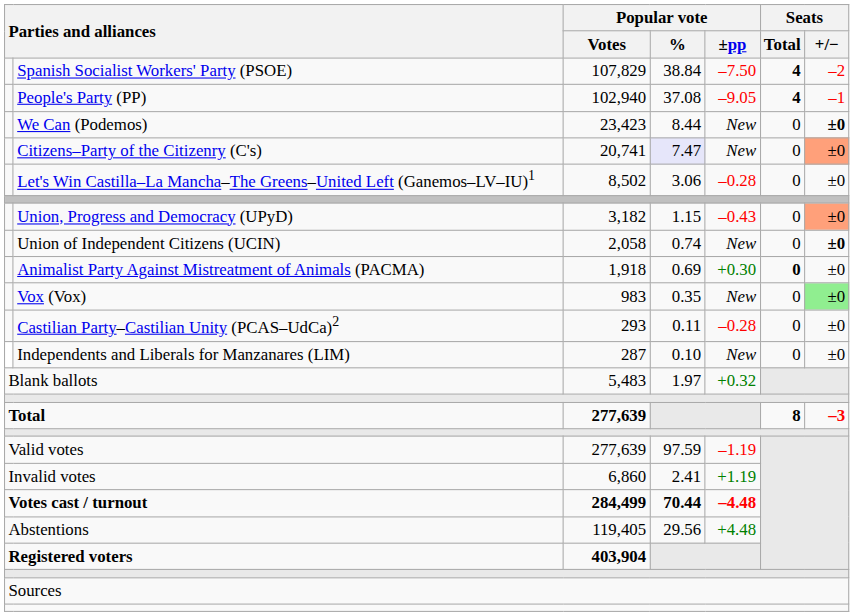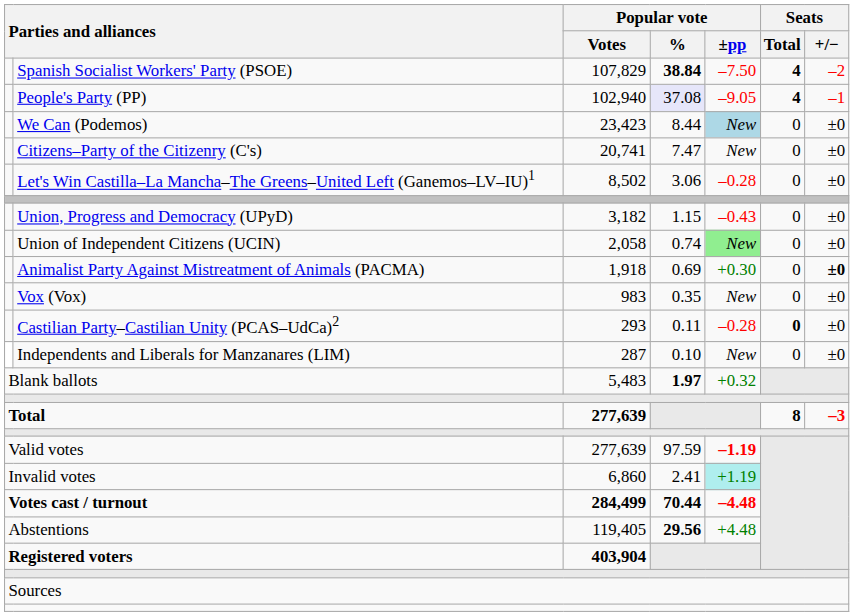 <table class="wikitable" style="text-align:right;">
 <tr>
 <th style="text-align:left;" rowspan="2" colspan="2" width="525">Parties and alliances</th>
 <th colspan="3">Popular vote</th>
 <th colspan="2">Seats</th>
 </tr>
 <tr>
 <th width="75">Votes</th>
 <th width="45">%</th>
 <th width="45">±<a href='#'>pp</a></th>
 <th width="35">Total</th>
 <th width="35">+/−</th>
 </tr>
 <tr>
 <td width="1" style="color:inherit;background:"></td>
 <td align="left"><a href='#'>Spanish Socialist Workers' Party</a> (PSOE)</td>
 <td>107,829</td>
-<td>38.84</td>
+<td><strong>38.84</strong></td>
 <td style="color:red;">–7.50</td>
 <td><strong>4</strong></td>
 <td style="color:red;">–2</td>
 </tr>
 <tr>
 <td style="color:inherit;background:"></td>
 <td align="left"><a href='#'>People's Party</a> (PP)</td>
 <td>102,940</td>
-<td>37.08</td>
+<td style="background: lavender;">37.08</td>
 <td style="color:red;">–9.05</td>
 <td><strong>4</strong></td>
 <td style="color:red;">–1</td>
 </tr>
 <tr>
 <td style="color:inherit;background:"></td>
 <td align="left"><a href='#'>We Can</a> (Podemos)</td>
 <td>23,423</td>
 <td>8.44</td>
-<td><em>New</em></td>
+<td style="background: lightblue;"><em>New</em></td>
 <td>0</td>
-<td><strong>±0</strong></td>
+<td>±0</td>
 </tr>
 <tr>
 <td style="color:inherit;background:"></td>
 <td align="left"><a href='#'>Citizens–Party of the Citizenry</a> (C's)</td>
 <td>20,741</td>
-<td style="background: lavender;">7.47</td>
+<td>7.47</td>
 <td><em>New</em></td>
 <td>0</td>
-<td style="background: lightsalmon;">±0</td>
+<td>±0</td>
 </tr>
 <tr>
 <td style="color:inherit;background:"></td>
 <td align="left"><a href='#'>Let's Win Castilla–La Mancha</a>–<a href='#'>The Greens</a>–<a href='#'>United Left</a> (Ganemos–LV–IU)<sup>1</sup></td>
 <td>8,502</td>
 <td>3.06</td>
 <td style="color:red;">–0.28</td>
 <td>0</td>
 <td>±0</td>
 </tr>
 <tr>
 <td colspan="7" bgcolor="#C0C0C0"></td>
 </tr>
 <tr>
 <td style="color:inherit;background:"></td>
 <td align="left"><a href='#'>Union, Progress and Democracy</a> (UPyD)</td>
 <td>3,182</td>
 <td>1.15</td>
 <td style="color:red;">–0.43</td>
 <td>0</td>
-<td style="background: lightsalmon;">±0</td>
+<td>±0</td>
 </tr>
 <tr>
 <td style="color:inherit;background:"></td>
 <td align="left">Union of Independent Citizens (UCIN)</td>
 <td>2,058</td>
 <td>0.74</td>
-<td><em>New</em></td>
+<td style="background: lightgreen;"><em>New</em></td>
 <td>0</td>
-<td><strong>±0</strong></td>
+<td>±0</td>
 </tr>
 <tr>
 <td style="color:inherit;background:"></td>
 <td align="left"><a href='#'>Animalist Party Against Mistreatment of Animals</a> (PACMA)</td>
 <td>1,918</td>
 <td>0.69</td>
 <td style="color:green;">+0.30</td>
-<td><strong>0</strong></td>
-<td>±0</td>
+<td>0</td>
+<td><strong>±0</strong></td>
 </tr>
 <tr>
 <td style="color:inherit;background:"></td>
 <td align="left"><a href='#'>Vox</a> (Vox)</td>
 <td>983</td>
 <td>0.35</td>
 <td><em>New</em></td>
 <td>0</td>
-<td style="background: lightgreen;">±0</td>
+<td>±0</td>
 </tr>
 <tr>
 <td style="color:inherit;background:"></td>
 <td align="left"><a href='#'>Castilian Party</a>–<a href='#'>Castilian Unity</a> (PCAS–UdCa)<sup>2</sup></td>
 <td>293</td>
 <td>0.11</td>
 <td style="color:red;">–0.28</td>
-<td>0</td>
+<td><strong>0</strong></td>
 <td>±0</td>
 </tr>
 <tr>
 <td bgcolor="white"></td>
 <td align="left">Independents and Liberals for Manzanares (LIM)</td>
 <td>287</td>
 <td>0.10</td>
 <td><em>New</em></td>
 <td>0</td>
 <td>±0</td>
 </tr>
 <tr>
 <td align="left" colspan="2">Blank ballots</td>
 <td>5,483</td>
-<td>1.97</td>
+<td><strong>1.97</strong></td>
 <td style="color:green;">+0.32</td>
 <td bgcolor="#E9E9E9" colspan="2"></td>
 </tr>
 <tr>
 <td colspan="7" bgcolor="#E9E9E9"></td>
 </tr>
 <tr style="font-weight:bold;">
 <td align="left" colspan="2">Total</td>
 <td>277,639</td>
 <td bgcolor="#E9E9E9" colspan="2"></td>
 <td>8</td>
 <td style="color:red;">–3</td>
 </tr>
 <tr>
 <td colspan="7" bgcolor="#E9E9E9"></td>
 </tr>
 <tr>
 <td align="left" colspan="2">Valid votes</td>
 <td>277,639</td>
 <td>97.59</td>
-<td style="color:red;">–1.19</td>
+<td style="color:red;"><strong>–1.19</strong></td>
 <td bgcolor="#E9E9E9" colspan="2" rowspan="5"></td>
 </tr>
 <tr>
 <td align="left" colspan="2">Invalid votes</td>
 <td>6,860</td>
 <td>2.41</td>
-<td style="color:green;">+1.19</td>
+<td style="background: paleturquoise; color:green;">+1.19</td>
 </tr>
 <tr style="font-weight:bold;">
 <td align="left" colspan="2">Votes cast / turnout</td>
 <td>284,499</td>
 <td>70.44</td>
 <td style="color:red;">–4.48</td>
 </tr>
 <tr>
 <td align="left" colspan="2">Abstentions</td>
 <td>119,405</td>
-<td>29.56</td>
+<td><strong>29.56</strong></td>
 <td style="color:green;">+4.48</td>
 </tr>
 <tr style="font-weight:bold;">
 <td align="left" colspan="2">Registered voters</td>
 <td>403,904</td>
 <td bgcolor="#E9E9E9" colspan="2"></td>
 </tr>
 <tr>
 <td colspan="7" bgcolor="#E9E9E9"></td>
 </tr>
 <tr>
 <td align="left" colspan="7">Sources</td>
 </tr>
 <tr>
 <td colspan="7" style="text-align:left; max-width:790px;"></td>
 </tr>
 </table>
